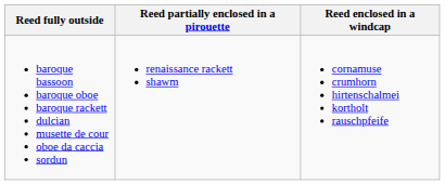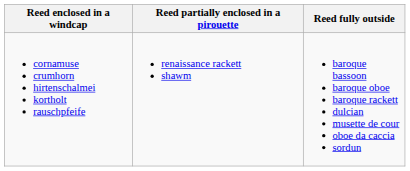 <table class="wikitable">
 <tr>
+<th scope="col">Reed enclosed in a windcap</th>
+<th scope="col">Reed partially enclosed in a <a href='#'>pirouette</a></th>
 <th scope="col">Reed fully outside</th>
-<th scope="col">Reed partially enclosed in a <a href='#'>pirouette</a></th>
-<th scope="col">Reed enclosed in a windcap</th>
 </tr>
 <tr style="vertical-align: top;">
+<td><br><ul><li><a href='#'>cornamuse</a></li><li><a href='#'>crumhorn</a></li><li><a href='#'>hirtenschalmei</a></li><li><a href='#'>kortholt</a></li><li><a href='#'>rauschpfeife</a></li></ul></td>
+<td><br><ul><li><a href='#'>renaissance rackett</a></li><li><a href='#'>shawm</a></li></ul></td>
 <td><br><ul><li><a href='#'>baroque bassoon</a></li><li><a href='#'>baroque oboe</a></li><li><a href='#'>baroque rackett</a></li><li><a href='#'>dulcian</a></li><li><a href='#'>musette de cour</a></li><li><a href='#'>oboe da caccia</a></li><li><a href='#'>sordun</a></li></ul></td>
-<td><br><ul><li><a href='#'>renaissance rackett</a></li><li><a href='#'>shawm</a></li></ul></td>
-<td><br><ul><li><a href='#'>cornamuse</a></li><li><a href='#'>crumhorn</a></li><li><a href='#'>hirtenschalmei</a></li><li><a href='#'>kortholt</a></li><li><a href='#'>rauschpfeife</a></li></ul></td>
 </tr>
 </table>
